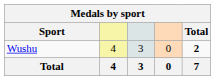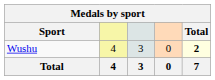 <table class="wikitable" style="font-size:90%; text-align:center;">
 <tr>
 <th colspan=5>Medals by sport</th>
 </tr>
 <tr>
 <th width=120>Sport</th>
 <th scope="col" width=30 style="background:#F7F6A8;"></th>
 <th scope="col" width=30 style="background:#DCE5E5;"></th>
 <th scope="col" width=30 style="background:#FFDAB9;"></th>
 <th width=30>Total</th>
 </tr>
 <tr>
 <td align=left><a href='#'>Wushu</a></td>
 <td style="background:#F7F6A8;">4</td>
 <td style="background:#DCE5E5;">3</td>
 <td style="background:#FFDAB9;">0</td>
-<td><strong>2</strong></td>
+<td style="background: lightyellow;"><strong>2</strong></td>
 </tr>
 <tr class="sortbottom">
 <th>Total</th>
 <th>4</th>
 <th>3</th>
 <th>0</th>
 <th>7</th>
 </tr>
 </table>
